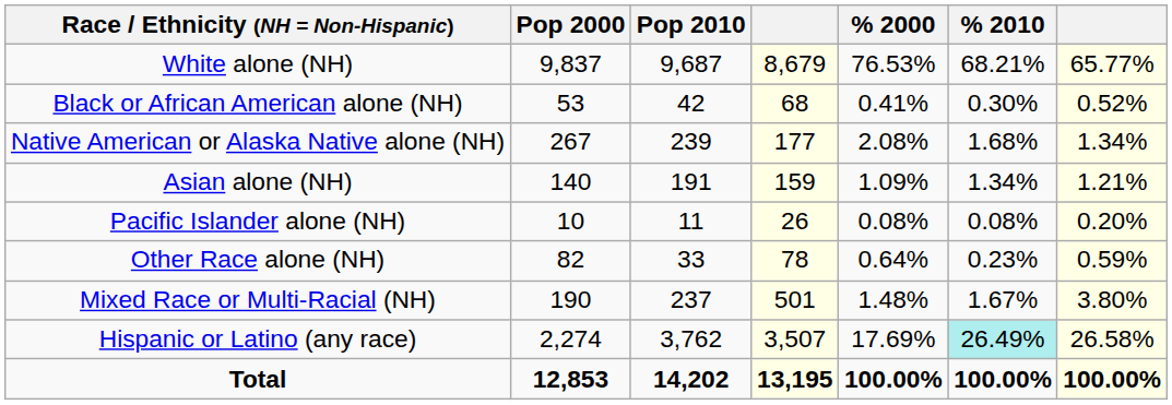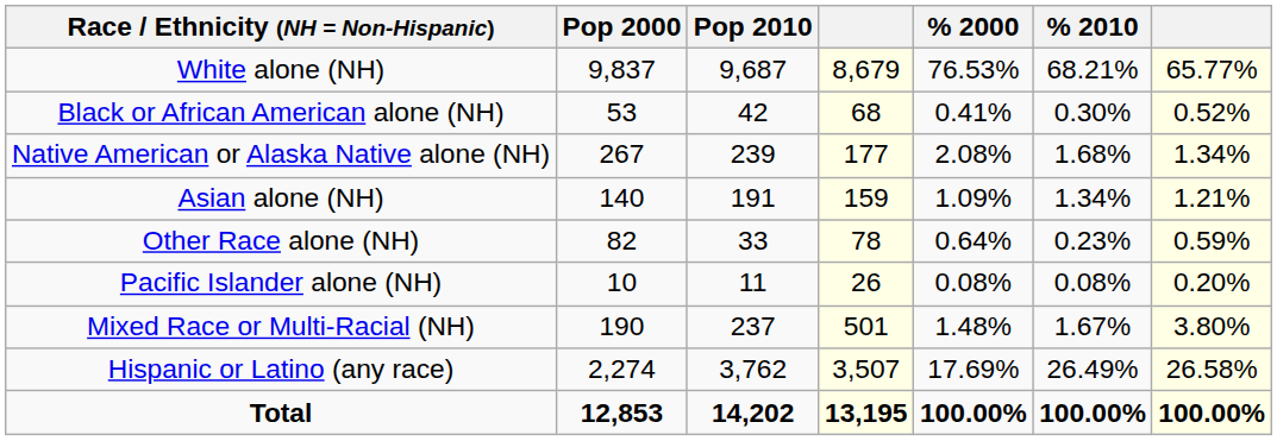 <table class="wikitable" style="text-align:center;">
 <tr>
 <th>Race / Ethnicity <small>(<em>NH = Non-Hispanic</em>)</small></th>
 <th>Pop 2000</th>
 <th>Pop 2010</th>
 <th></th>
 <th>% 2000</th>
 <th>% 2010</th>
 <th></th>
 </tr>
 <tr>
 <td><a href='#'>White</a> alone (NH)</td>
 <td>9,837</td>
 <td>9,687</td>
 <td style='background: #ffffe6;'>8,679</td>
 <td>76.53%</td>
 <td>68.21%</td>
 <td style='background: #ffffe6;'>65.77%</td>
 </tr>
 <tr>
 <td><a href='#'>Black or African American</a> alone (NH)</td>
 <td>53</td>
 <td>42</td>
 <td style='background: #ffffe6;'>68</td>
 <td>0.41%</td>
 <td>0.30%</td>
 <td style='background: #ffffe6;'>0.52%</td>
 </tr>
 <tr>
 <td><a href='#'>Native American</a> or <a href='#'>Alaska Native</a> alone (NH)</td>
 <td>267</td>
 <td>239</td>
 <td style='background: #ffffe6;'>177</td>
 <td>2.08%</td>
 <td>1.68%</td>
 <td style='background: #ffffe6;'>1.34%</td>
 </tr>
 <tr>
 <td><a href='#'>Asian</a> alone (NH)</td>
 <td>140</td>
 <td>191</td>
 <td style='background: #ffffe6;'>159</td>
 <td>1.09%</td>
 <td>1.34%</td>
 <td style='background: #ffffe6;'>1.21%</td>
 </tr>
 <tr>
+<td><a href='#'>Other Race</a> alone (NH)</td>
+<td>82</td>
+<td>33</td>
+<td style='background: #ffffe6;'>78</td>
+<td>0.64%</td>
+<td>0.23%</td>
+<td style='background: #ffffe6;'>0.59%</td>
+</tr>
+<tr>
 <td><a href='#'>Pacific Islander</a> alone (NH)</td>
 <td>10</td>
 <td>11</td>
 <td style='background: #ffffe6;'>26</td>
 <td>0.08%</td>
 <td>0.08%</td>
 <td style='background: #ffffe6;'>0.20%</td>
-</tr>
-<tr>
-<td><a href='#'>Other Race</a> alone (NH)</td>
-<td>82</td>
-<td>33</td>
-<td style='background: #ffffe6;'>78</td>
-<td>0.64%</td>
-<td>0.23%</td>
-<td style='background: #ffffe6;'>0.59%</td>
 </tr>
 <tr>
 <td><a href='#'>Mixed Race or Multi-Racial</a> (NH)</td>
 <td>190</td>
 <td>237</td>
 <td style='background: #ffffe6;'>501</td>
 <td>1.48%</td>
 <td>1.67%</td>
 <td style='background: #ffffe6;'>3.80%</td>
 </tr>
 <tr>
 <td><a href='#'>Hispanic or Latino</a> (any race)</td>
 <td>2,274</td>
 <td>3,762</td>
 <td style='background: #ffffe6;'>3,507</td>
 <td>17.69%</td>
-<td style="background: paleturquoise;">26.49%</td>
+<td>26.49%</td>
 <td style='background: #ffffe6;'>26.58%</td>
 </tr>
 <tr>
 <td><strong>Total</strong></td>
 <td><strong>12,853</strong></td>
 <td><strong>14,202</strong></td>
 <td style='background: #ffffe6;'><strong>13,195</strong></td>
 <td><strong>100.00%</strong></td>
 <td><strong>100.00%</strong></td>
 <td style='background: #ffffe6;'><strong>100.00%</strong></td>
 </tr>
 </table>
